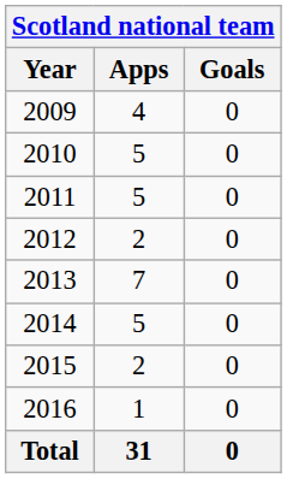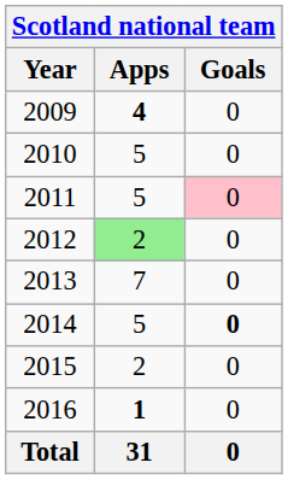 <table class="wikitable" style="text-align:center">
 <tr>
 <th colspan=3><a href='#'>Scotland national team</a></th>
 </tr>
 <tr>
 <th>Year</th>
 <th>Apps</th>
 <th>Goals</th>
 </tr>
 <tr>
 <td>2009</td>
-<td>4</td>
+<td><strong>4</strong></td>
 <td>0</td>
 </tr>
 <tr>
 <td>2010</td>
 <td>5</td>
 <td>0</td>
 </tr>
 <tr>
 <td>2011</td>
 <td>5</td>
-<td>0</td>
+<td style="background: pink;">0</td>
 </tr>
 <tr>
 <td>2012</td>
-<td>2</td>
+<td style="background: lightgreen;">2</td>
 <td>0</td>
 </tr>
 <tr>
 <td>2013</td>
 <td>7</td>
 <td>0</td>
 </tr>
 <tr>
 <td>2014</td>
 <td>5</td>
-<td>0</td>
+<td><strong>0</strong></td>
 </tr>
 <tr>
 <td>2015</td>
 <td>2</td>
 <td>0</td>
 </tr>
 <tr>
 <td>2016</td>
-<td>1</td>
+<td><strong>1</strong></td>
 <td>0</td>
 </tr>
 <tr>
 <th>Total</th>
 <th>31</th>
 <th>0</th>
 </tr>
 </table>
